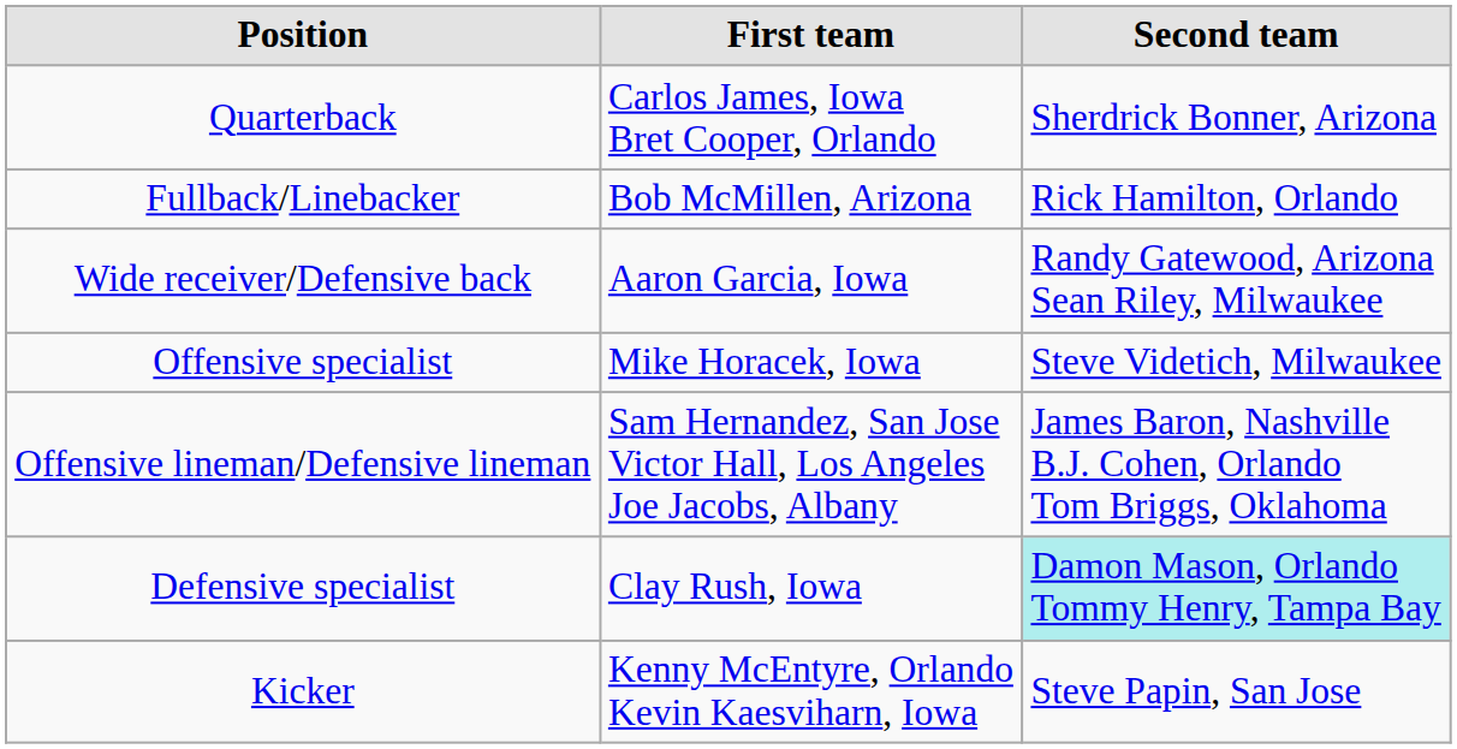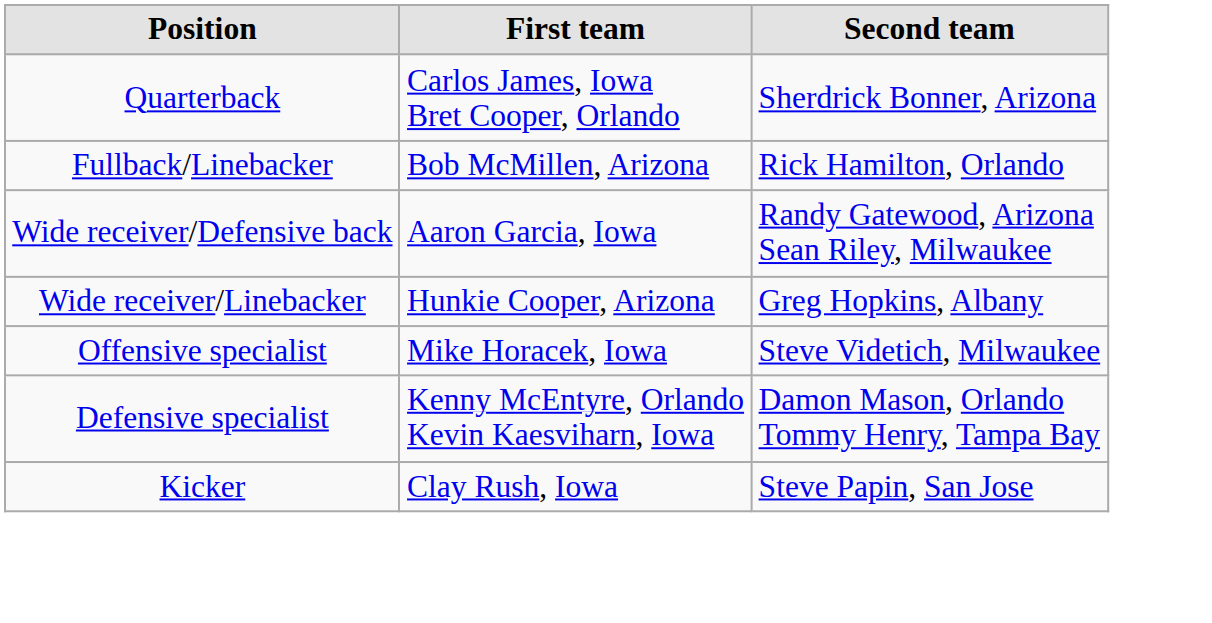 <table class="wikitable">
 <tr>
 <th style="background:#e3e3e3;">Position</th>
 <th style="background:#e3e3e3;">First team</th>
 <th style="background:#e3e3e3;">Second team</th>
 </tr>
 <tr>
 <td align=center><a href='#'>Quarterback</a></td>
 <td><a href='#'>Carlos James</a>, <a href='#'>Iowa</a><br><a href='#'>Bret Cooper</a>, <a href='#'>Orlando</a></td>
 <td><a href='#'>Sherdrick Bonner</a>, <a href='#'>Arizona</a></td>
 </tr>
 <tr>
 <td align=center><a href='#'>Fullback</a>/<a href='#'>Linebacker</a></td>
 <td><a href='#'>Bob McMillen</a>, <a href='#'>Arizona</a></td>
 <td><a href='#'>Rick Hamilton</a>, <a href='#'>Orlando</a></td>
 </tr>
 <tr>
 <td align=center><a href='#'>Wide receiver</a>/<a href='#'>Defensive back</a></td>
 <td><a href='#'>Aaron Garcia</a>, <a href='#'>Iowa</a></td>
 <td><a href='#'>Randy Gatewood</a>, <a href='#'>Arizona</a><br><a href='#'>Sean Riley</a>, <a href='#'>Milwaukee</a></td>
 </tr>
 <tr>
+<td align=center><a href='#'>Wide receiver</a>/<a href='#'>Linebacker</a></td>
+<td><a href='#'>Hunkie Cooper</a>, <a href='#'>Arizona</a></td>
+<td><a href='#'>Greg Hopkins</a>, <a href='#'>Albany</a></td>
+</tr>
+<tr>
 <td align=center><a href='#'>Offensive specialist</a></td>
 <td><a href='#'>Mike Horacek</a>, <a href='#'>Iowa</a></td>
 <td><a href='#'>Steve Videtich</a>, <a href='#'>Milwaukee</a></td>
 </tr>
 <tr>
-<td align=center><a href='#'>Offensive lineman</a>/<a href='#'>Defensive lineman</a></td>
-<td><a href='#'>Sam Hernandez</a>, <a href='#'>San Jose</a><br><a href='#'>Victor Hall</a>, <a href='#'>Los Angeles</a><br><a href='#'>Joe Jacobs</a>, <a href='#'>Albany</a></td>
-<td><a href='#'>James Baron</a>, <a href='#'>Nashville</a><br><a href='#'>B.J. Cohen</a>, <a href='#'>Orlando</a><br><a href='#'>Tom Briggs</a>, <a href='#'>Oklahoma</a></td>
-</tr>
-<tr>
 <td align=center><a href='#'>Defensive specialist</a></td>
-<td><a href='#'>Clay Rush</a>, <a href='#'>Iowa</a></td>
-<td style="background: paleturquoise;"><a href='#'>Damon Mason</a>, <a href='#'>Orlando</a><br><a href='#'>Tommy Henry</a>, <a href='#'>Tampa Bay</a></td>
+<td><a href='#'>Kenny McEntyre</a>, <a href='#'>Orlando</a><br><a href='#'>Kevin Kaesviharn</a>, <a href='#'>Iowa</a></td>
+<td><a href='#'>Damon Mason</a>, <a href='#'>Orlando</a><br><a href='#'>Tommy Henry</a>, <a href='#'>Tampa Bay</a></td>
 </tr>
 <tr>
 <td align=center><a href='#'>Kicker</a></td>
-<td><a href='#'>Kenny McEntyre</a>, <a href='#'>Orlando</a><br><a href='#'>Kevin Kaesviharn</a>, <a href='#'>Iowa</a></td>
+<td><a href='#'>Clay Rush</a>, <a href='#'>Iowa</a></td>
 <td><a href='#'>Steve Papin</a>, <a href='#'>San Jose</a></td>
 </tr>
 </table>
